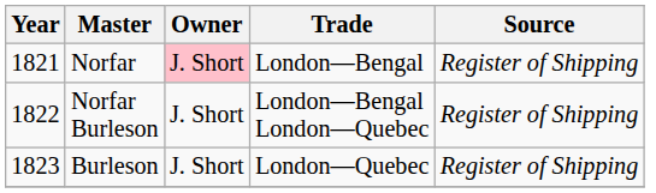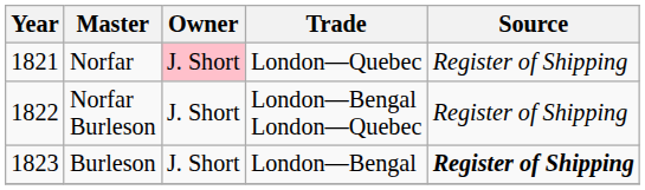 <table class="sortable wikitable">
 <tr>
 <th>Year</th>
 <th>Master</th>
 <th>Owner</th>
 <th>Trade</th>
 <th>Source</th>
 </tr>
 <tr>
 <td>1821</td>
 <td>Norfar</td>
 <td style="background: pink;">J. Short</td>
-<td>London—Bengal</td>
+<td>London—Quebec</td>
 <td><em>Register of Shipping</em></td>
 </tr>
 <tr>
 <td>1822</td>
 <td>Norfar<br>Burleson</td>
 <td>J. Short</td>
 <td>London—Bengal<br>London—Quebec</td>
 <td><em>Register of Shipping</em></td>
 </tr>
 <tr>
 <td>1823</td>
 <td>Burleson</td>
 <td>J. Short</td>
-<td>London—Quebec</td>
-<td><em>Register of Shipping</em></td>
+<td>London—Bengal</td>
+<td><strong><em>Register of Shipping</em></strong></td>
 </tr>
 <tr>
 </tr>
 </table>
